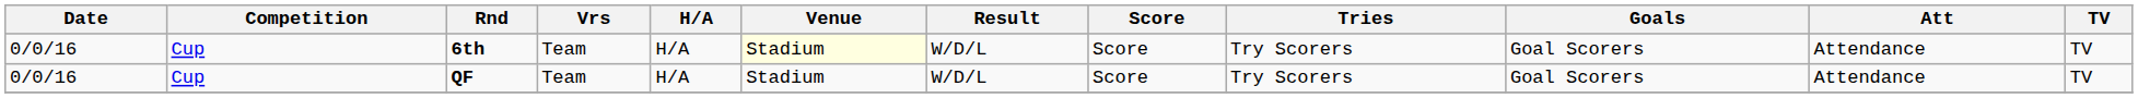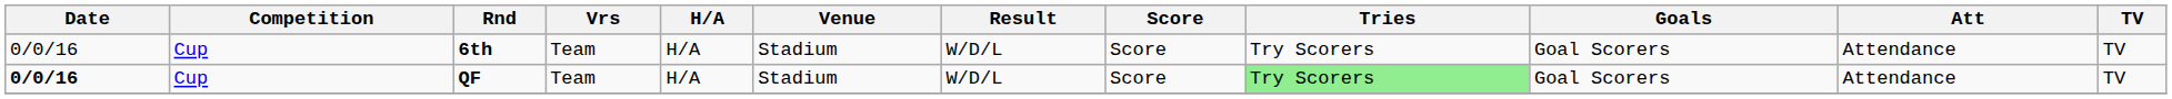 <table class="wikitable" style="font-size:85%;" width="100%">
 <tr>
 <th>Date</th>
 <th>Competition</th>
 <th>Rnd</th>
 <th>Vrs</th>
 <th>H/A</th>
 <th>Venue</th>
 <th>Result</th>
 <th>Score</th>
 <th>Tries</th>
 <th>Goals</th>
 <th>Att</th>
 <th>TV</th>
 </tr>
 <tr>
 <td>0/0/16</td>
 <td><a href='#'>Cup</a></td>
 <td><strong>6th</strong></td>
 <td>Team</td>
 <td>H/A</td>
-<td style="background: lightyellow;">Stadium</td>
-<td>W/D/L</td>
-<td>Score</td>
-<td>Try Scorers</td>
-<td>Goal Scorers</td>
-<td>Attendance</td>
-<td>TV</td>
-</tr>
-<tr>
-<td>0/0/16</td>
-<td><a href='#'>Cup</a></td>
-<td><strong>QF</strong></td>
-<td>Team</td>
-<td>H/A</td>
 <td>Stadium</td>
 <td>W/D/L</td>
 <td>Score</td>
 <td>Try Scorers</td>
 <td>Goal Scorers</td>
 <td>Attendance</td>
 <td>TV</td>
 </tr>
 <tr>
+<td><strong>0/0/16</strong></td>
+<td><a href='#'>Cup</a></td>
+<td><strong>QF</strong></td>
+<td>Team</td>
+<td>H/A</td>
+<td>Stadium</td>
+<td>W/D/L</td>
+<td>Score</td>
+<td style="background: lightgreen;">Try Scorers</td>
+<td>Goal Scorers</td>
+<td>Attendance</td>
+<td>TV</td>
+</tr>
+<tr>
 </tr>
 </table>
